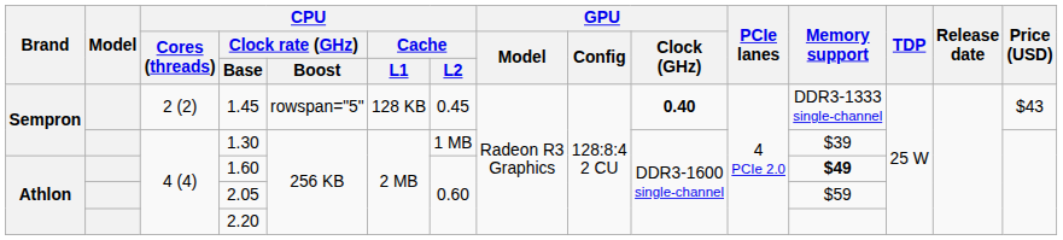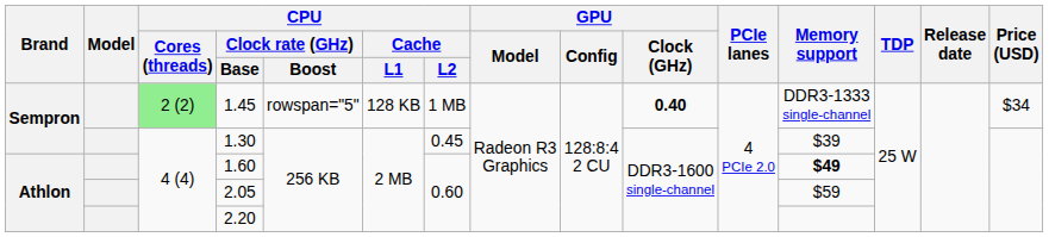 <table class="wikitable" style="text-align: center;">
 <tr>
 <th rowspan="3">Brand</th>
 <th rowspan="3">Model</th>
 <th colspan="5"><a href='#'>CPU</a></th>
 <th colspan="3"><a href='#'>GPU</a></th>
 <th rowspan="3"><a href='#'>PCIe</a><br>lanes</th>
 <th rowspan="3"><a href='#'>Memory<br>support</a></th>
 <th rowspan="3"><a href='#'>TDP</a></th>
 <th rowspan="3">Release<br>date</th>
 <th rowspan="3">Price<br>(USD)</th>
 </tr>
 <tr>
 <th rowspan="2"><a href='#'>Cores</a><br>(<a href='#'>threads</a>)</th>
 <th colspan="2"><a href='#'>Clock rate</a> (<a href='#'>GHz</a>)</th>
 <th colspan="2"><a href='#'>Cache</a></th>
 <th rowspan="2">Model</th>
 <th rowspan="2">Config</th>
 <th rowspan="2">Clock<br>(GHz)</th>
 </tr>
 <tr>
 <th>Base</th>
 <th>Boost</th>
 <th><a href='#'>L1</a></th>
 <th><a href='#'>L2</a></th>
 </tr>
 <tr>
 <th rowspan="2">Sempron</th>
 <th style="text-align: left"></th>
-<td>2 (2)</td>
+<td style="background: lightgreen;">2 (2)</td>
 <td>1.45</td>
 <td>rowspan="5" </td>
 <td>128 KB</td>
-<td>0.45</td>
+<td>1 MB</td>
 <td rowspan="5">Radeon R3<br>Graphics</td>
 <td rowspan="5">128:8:4<br>2 CU</td>
 <td><strong>0.40</strong></td>
 <td rowspan="5">4<br><small><a href='#'>PCIe 2.0</a></small></td>
 <td>DDR3-1333<br><small><a href='#'>single-channel</a></small></td>
 <td rowspan="5">25 W</td>
 <td rowspan="5"></td>
-<td>$43</td>
+<td>$34</td>
 </tr>
 <tr>
 <th style="text-align: left"></th>
 <td rowspan="4">4 (4)</td>
 <td>1.30</td>
 <td rowspan="4">256 KB</td>
 <td rowspan="4">2 MB</td>
-<td>1 MB</td>
+<td>0.45</td>
 <td rowspan="4">DDR3-1600 <br> <small><a href='#'>single-channel</a></small></td>
 <td>$39</td>
 </tr>
 <tr>
 <th rowspan="3">Athlon</th>
 <th style="text-align: left"></th>
 <td>1.60</td>
 <td rowspan="3">0.60</td>
 <td><strong>$49</strong></td>
 </tr>
 <tr>
 <th style="text-align: left"></th>
 <td>2.05</td>
 <td>$59</td>
 </tr>
 <tr>
 <th style="text-align: left"></th>
 <td>2.20</td>
 <td></td>
 </tr>
 </table>
